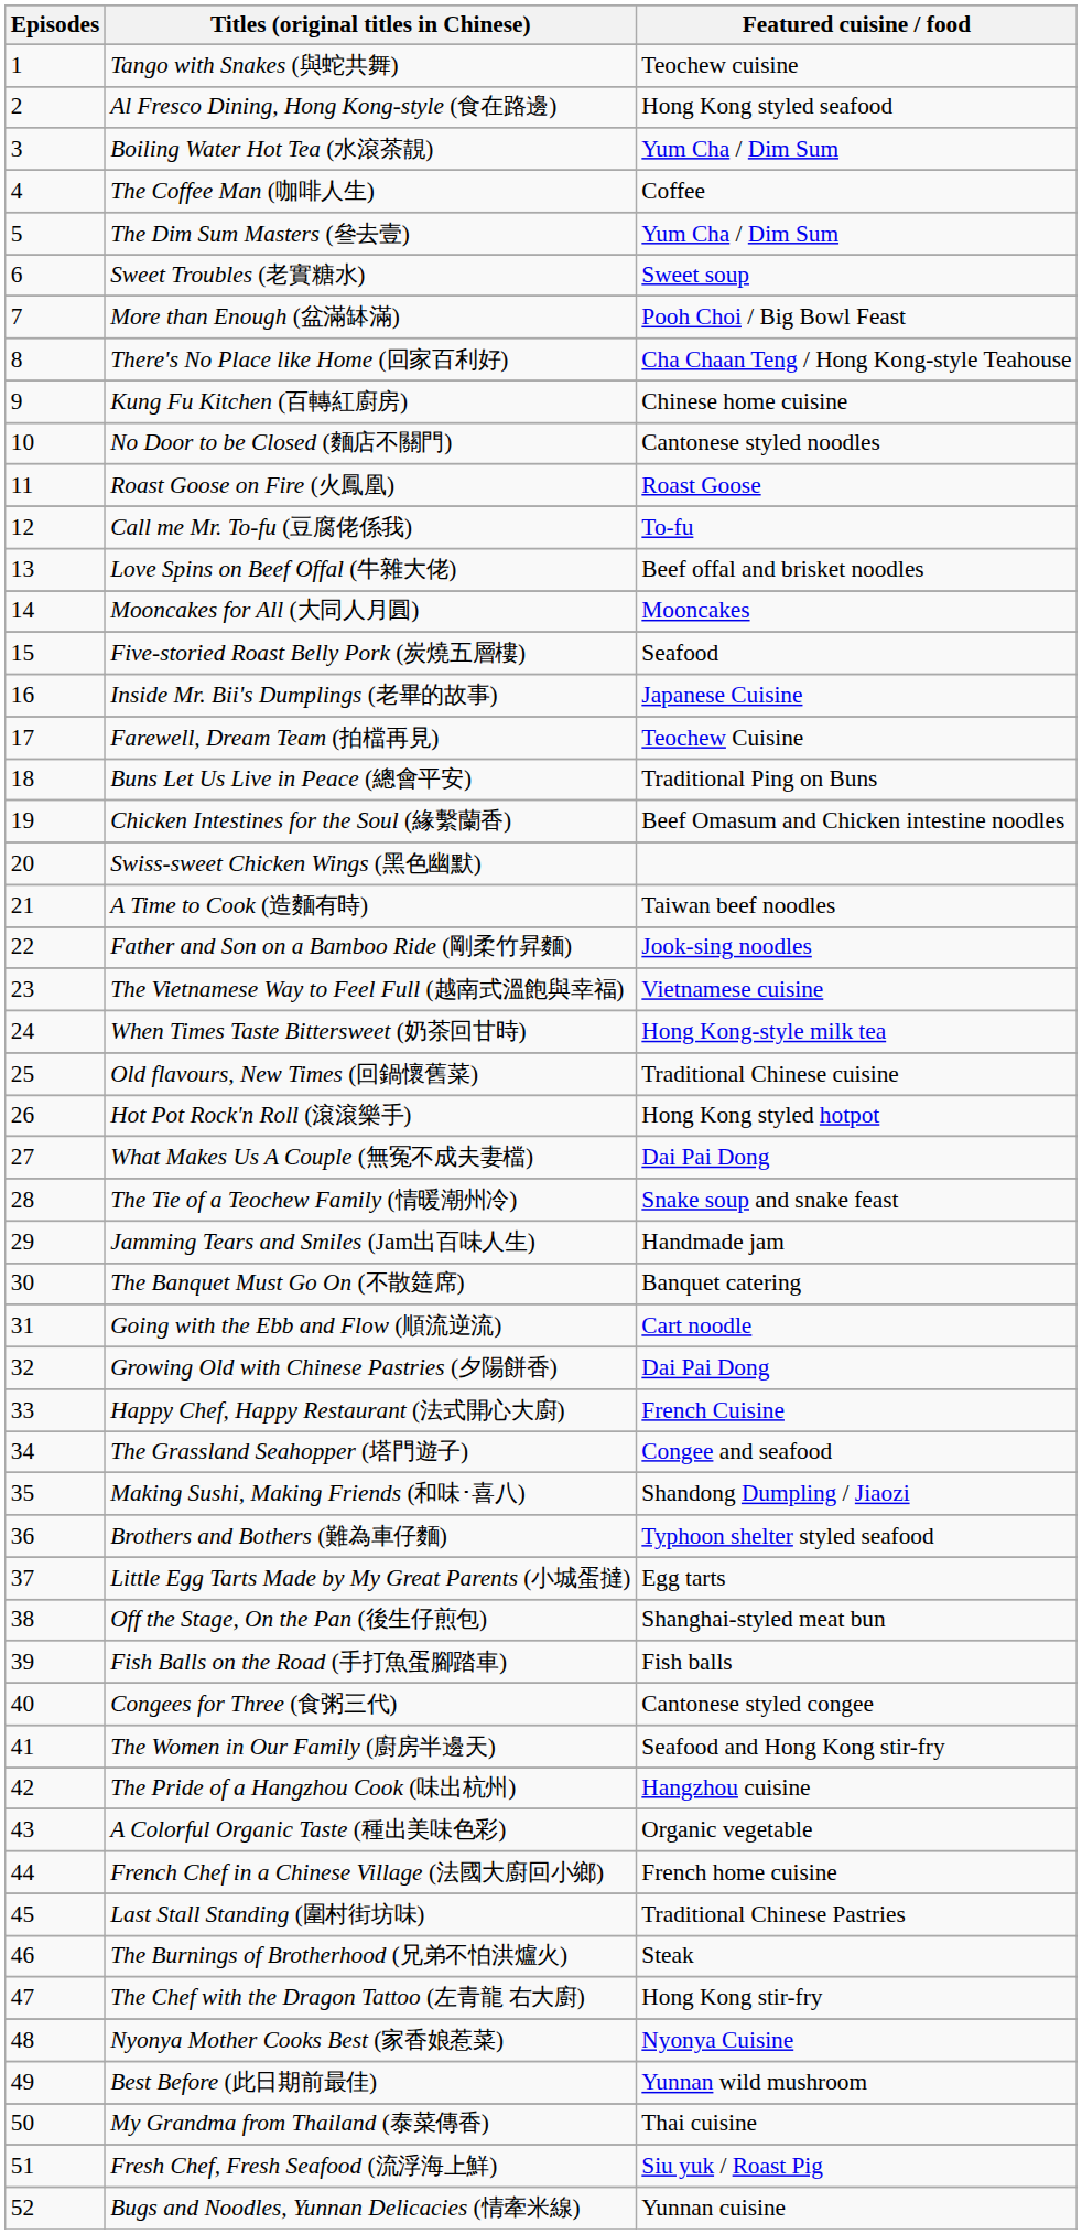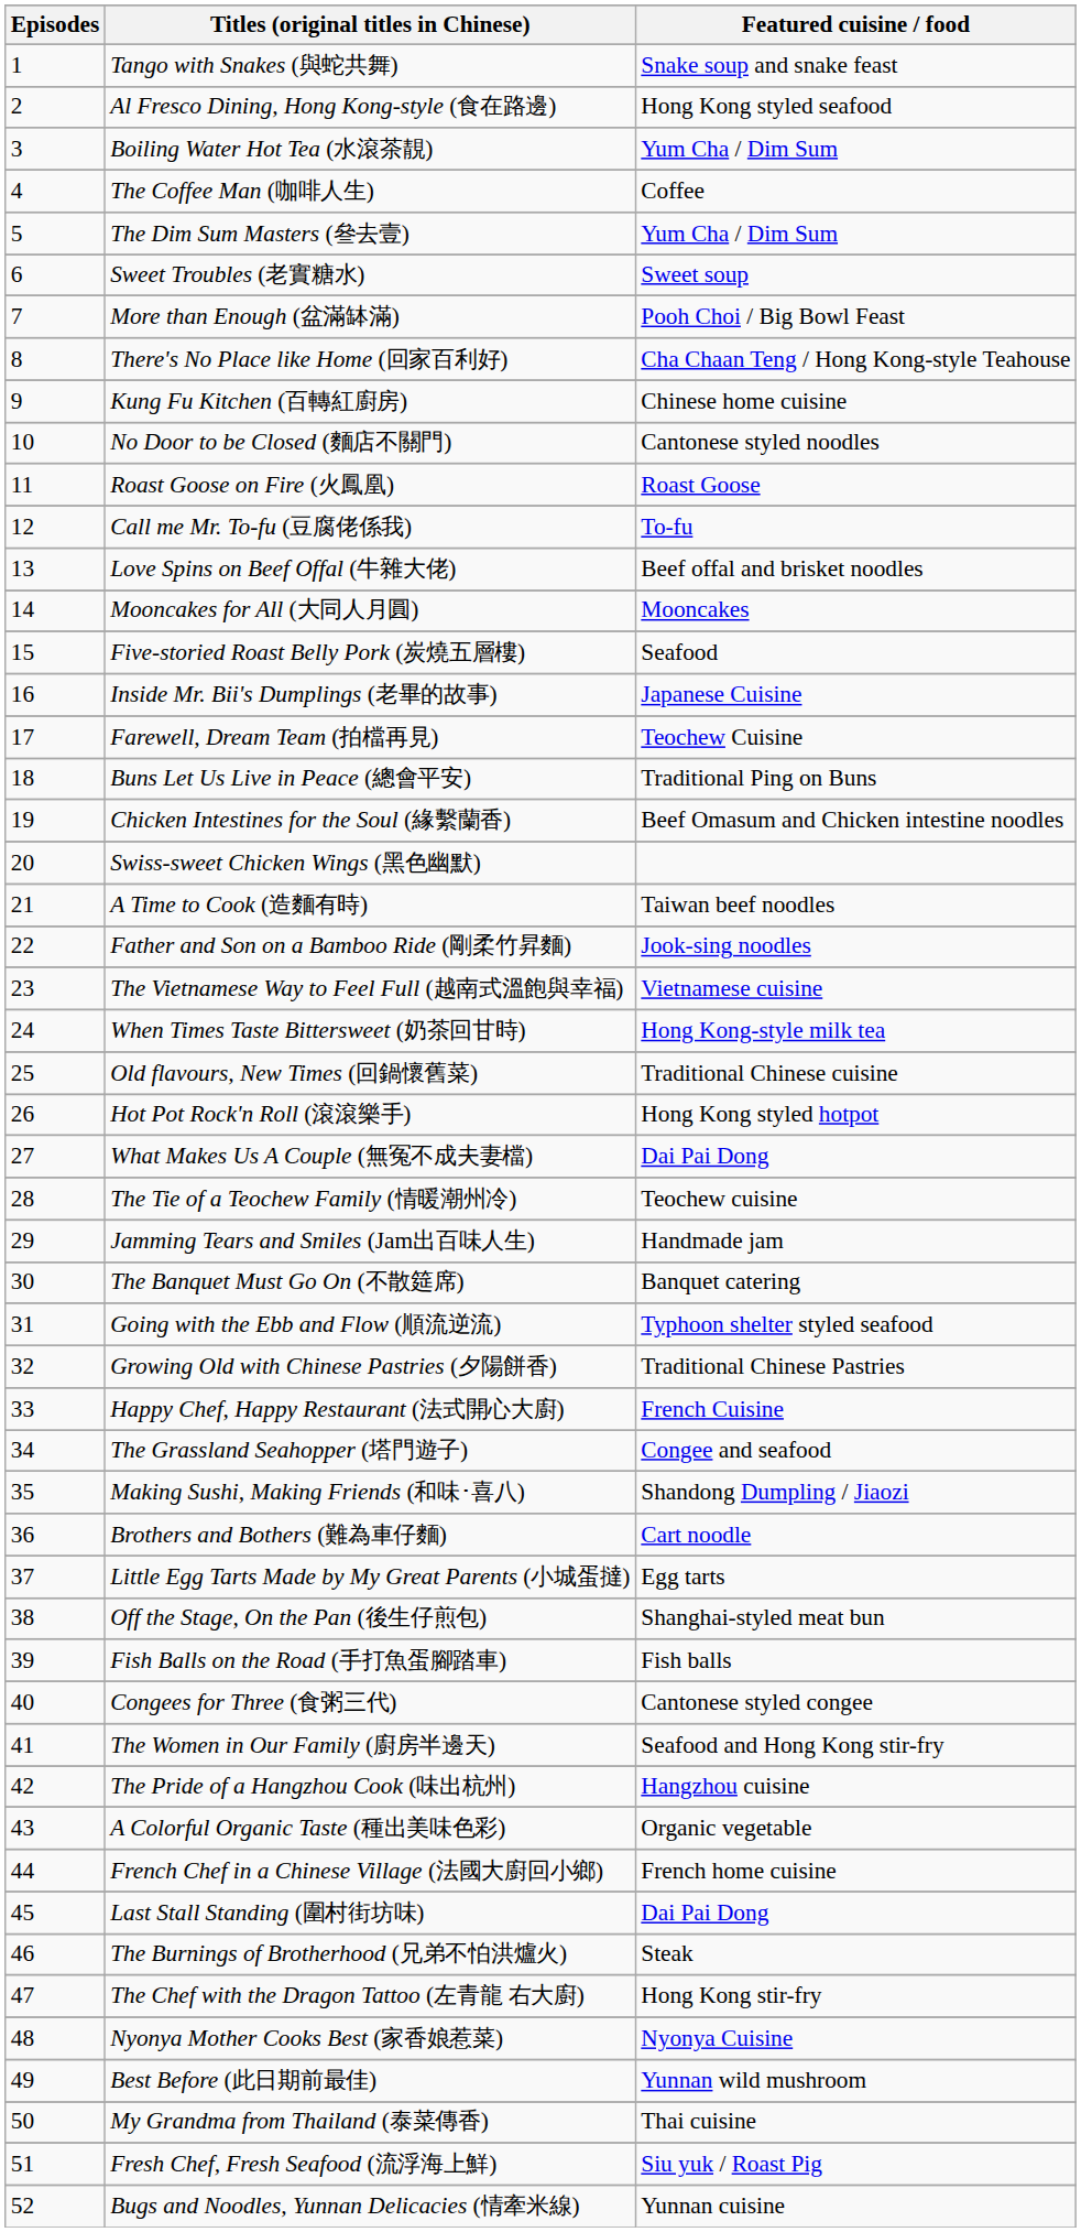 <table class="wikitable">
 <tr>
 </tr>
 <tr style="font-size: 90%;">
 <th>Episodes</th>
 <th>Titles (original titles in Chinese)</th>
 <th>Featured cuisine / food</th>
 </tr>
 <tr>
 </tr>
 <tr style="font-size: 90%;">
 <td>1</td>
 <td><em>Tango with Snakes</em> (與蛇共舞)</td>
-<td>Teochew cuisine</td>
+<td><a href='#'>Snake soup</a> and snake feast</td>
 </tr>
 <tr>
 </tr>
 <tr style="font-size: 90%;">
 <td>2</td>
 <td><em>Al Fresco Dining, Hong Kong-style</em> (食在路邊)</td>
 <td>Hong Kong styled seafood</td>
 </tr>
 <tr>
 </tr>
 <tr style="font-size: 90%;">
 <td>3</td>
 <td><em>Boiling Water Hot Tea</em> (水滾茶靚)</td>
 <td><a href='#'>Yum Cha</a> / <a href='#'>Dim Sum</a></td>
 </tr>
 <tr>
 </tr>
 <tr style="font-size: 90%;">
 <td>4</td>
 <td><em>The Coffee Man</em> (咖啡人生)</td>
 <td>Coffee</td>
 </tr>
 <tr>
 </tr>
 <tr style="font-size: 90%;">
 <td>5</td>
 <td><em>The Dim Sum Masters</em> (叄去壹)</td>
 <td><a href='#'>Yum Cha</a> / <a href='#'>Dim Sum</a></td>
 </tr>
 <tr>
 </tr>
 <tr style="font-size: 90%;">
 <td>6</td>
 <td><em>Sweet Troubles</em> (老實糖水)</td>
 <td><a href='#'>Sweet soup</a></td>
 </tr>
 <tr>
 </tr>
 <tr style="font-size: 90%;">
 <td>7</td>
 <td><em>More than Enough</em> (盆滿缽滿)</td>
 <td><a href='#'>Pooh Choi</a> / Big Bowl Feast</td>
 </tr>
 <tr>
 </tr>
 <tr style="font-size: 90%;">
 <td>8</td>
 <td><em>There's No Place like Home</em> (回家百利好)</td>
 <td><a href='#'>Cha Chaan Teng</a> / Hong Kong-style Teahouse</td>
 </tr>
 <tr>
 </tr>
 <tr style="font-size: 90%;">
 <td>9</td>
 <td><em>Kung Fu Kitchen</em> (百轉紅廚房)</td>
 <td>Chinese home cuisine</td>
 </tr>
 <tr>
 </tr>
 <tr style="font-size: 90%;">
 <td>10</td>
 <td><em>No Door to be Closed</em> (麵店不關門)</td>
 <td>Cantonese styled noodles</td>
 </tr>
 <tr>
 </tr>
 <tr style="font-size: 90%;">
 <td>11</td>
 <td><em>Roast Goose on Fire</em> (火鳳凰)</td>
 <td><a href='#'>Roast Goose</a></td>
 </tr>
 <tr>
 </tr>
 <tr style="font-size: 90%;">
 <td>12</td>
 <td><em>Call me Mr. To-fu</em> (豆腐佬係我)</td>
 <td><a href='#'>To-fu</a></td>
 </tr>
 <tr>
 </tr>
 <tr style="font-size: 90%;">
 <td>13</td>
 <td><em>Love Spins on Beef Offal</em> (牛雜大佬)</td>
 <td>Beef offal and brisket noodles</td>
 </tr>
 <tr>
 </tr>
 <tr style="font-size: 90%;">
 <td>14</td>
 <td><em>Mooncakes for All</em> (大同人月圓)</td>
 <td><a href='#'>Mooncakes</a></td>
 </tr>
 <tr>
 </tr>
 <tr style="font-size: 90%;">
 <td>15</td>
 <td><em>Five-storied Roast Belly Pork</em> (炭燒五層樓)</td>
 <td>Seafood</td>
 </tr>
 <tr>
 </tr>
 <tr style="font-size: 90%;">
 <td>16</td>
 <td><em>Inside Mr. Bii's Dumplings</em> (老畢的故事)</td>
 <td><a href='#'>Japanese Cuisine</a></td>
 </tr>
 <tr>
 </tr>
 <tr style="font-size: 90%;">
 <td>17</td>
 <td><em>Farewell, Dream Team</em> (拍檔再見)</td>
 <td><a href='#'>Teochew</a> Cuisine</td>
 </tr>
 <tr>
 </tr>
 <tr style="font-size: 90%;">
 <td>18</td>
 <td><em>Buns Let Us Live in Peace</em> (總會平安)</td>
 <td>Traditional Ping on Buns</td>
 </tr>
 <tr>
 </tr>
 <tr style="font-size: 90%;">
 <td>19</td>
 <td><em>Chicken Intestines for the Soul</em> (緣繫蘭香)</td>
 <td>Beef Omasum and Chicken intestine noodles</td>
 </tr>
 <tr>
 </tr>
 <tr style="font-size: 90%;">
 <td>20</td>
 <td><em>Swiss-sweet Chicken Wings</em> (黑色幽默)</td>
 <td></td>
 </tr>
 <tr>
 </tr>
 <tr style="font-size: 90%;">
 <td>21</td>
 <td><em>A Time to Cook</em> (造麵有時)</td>
 <td>Taiwan beef noodles</td>
 </tr>
 <tr>
 </tr>
 <tr style="font-size: 90%;">
 <td>22</td>
 <td><em>Father and Son on a Bamboo Ride</em> (剛柔竹昇麵)</td>
 <td><a href='#'>Jook-sing noodles</a></td>
 </tr>
 <tr>
 </tr>
 <tr style="font-size: 90%;">
 <td>23</td>
 <td><em>The Vietnamese Way to Feel Full</em> (越南式溫飽與幸福)</td>
 <td><a href='#'>Vietnamese cuisine</a></td>
 </tr>
 <tr>
 </tr>
 <tr style="font-size: 90%;">
 <td>24</td>
 <td><em>When Times Taste Bittersweet</em> (奶茶回甘時)</td>
 <td><a href='#'>Hong Kong-style milk tea</a></td>
 </tr>
 <tr>
 </tr>
 <tr style="font-size: 90%;">
 <td>25</td>
 <td><em>Old flavours, New Times</em> (回鍋懷舊菜)</td>
 <td>Traditional Chinese cuisine</td>
 </tr>
 <tr>
 </tr>
 <tr style="font-size: 90%;">
 <td>26</td>
 <td><em>Hot Pot Rock'n Roll</em> (滾滾樂手)</td>
 <td>Hong Kong styled <a href='#'>hotpot</a></td>
 </tr>
 <tr>
 </tr>
 <tr style="font-size: 90%;">
 <td>27</td>
 <td><em>What Makes Us A Couple</em> (無冤不成夫妻檔)</td>
 <td><a href='#'>Dai Pai Dong</a></td>
 </tr>
 <tr>
 </tr>
 <tr style="font-size: 90%;">
 <td>28</td>
 <td><em>The Tie of a Teochew Family</em> (情暖潮州冷)</td>
-<td><a href='#'>Snake soup</a> and snake feast</td>
+<td>Teochew cuisine</td>
 </tr>
 <tr>
 </tr>
 <tr style="font-size: 90%;">
 <td>29</td>
 <td><em>Jamming Tears and Smiles</em> (Jam出百味人生)</td>
 <td>Handmade jam</td>
 </tr>
 <tr>
 </tr>
 <tr style="font-size: 90%;">
 <td>30</td>
 <td><em>The Banquet Must Go On</em> (不散筵席)</td>
 <td>Banquet catering</td>
 </tr>
 <tr>
 </tr>
 <tr style="font-size: 90%;">
 <td>31</td>
 <td><em>Going with the Ebb and Flow</em> (順流逆流)</td>
-<td><a href='#'>Cart noodle</a></td>
+<td><a href='#'>Typhoon shelter</a> styled seafood</td>
 </tr>
 <tr>
 </tr>
 <tr style="font-size: 90%;">
 <td>32</td>
 <td><em>Growing Old with Chinese Pastries</em> (夕陽餅香)</td>
-<td><a href='#'>Dai Pai Dong</a></td>
+<td>Traditional Chinese Pastries</td>
 </tr>
 <tr>
 </tr>
 <tr style="font-size: 90%;">
 <td>33</td>
 <td><em>Happy Chef, Happy Restaurant</em> (法式開心大廚)</td>
 <td><a href='#'>French Cuisine</a></td>
 </tr>
 <tr>
 </tr>
 <tr style="font-size: 90%;">
 <td>34</td>
 <td><em>The Grassland Seahopper</em> (塔門遊子)</td>
 <td><a href='#'>Congee</a> and seafood</td>
 </tr>
 <tr>
 </tr>
 <tr style="font-size: 90%;">
 <td>35</td>
 <td><em>Making Sushi, Making Friends</em> (和味･喜八)</td>
 <td>Shandong <a href='#'>Dumpling</a> / <a href='#'>Jiaozi</a></td>
 </tr>
 <tr>
 </tr>
 <tr style="font-size: 90%;">
 <td>36</td>
 <td><em>Brothers and Bothers</em> (難為車仔麵)</td>
-<td><a href='#'>Typhoon shelter</a> styled seafood</td>
+<td><a href='#'>Cart noodle</a></td>
 </tr>
 <tr>
 </tr>
 <tr style="font-size: 90%;">
 <td>37</td>
 <td><em>Little Egg Tarts Made by My Great Parents</em> (小城蛋撻)</td>
 <td>Egg tarts</td>
 </tr>
 <tr>
 </tr>
 <tr style="font-size: 90%;">
 <td>38</td>
 <td><em>Off the Stage, On the Pan</em> (後生仔煎包)</td>
 <td>Shanghai-styled meat bun</td>
 </tr>
 <tr>
 </tr>
 <tr style="font-size: 90%;">
 <td>39</td>
 <td><em>Fish Balls on the Road</em> (手打魚蛋腳踏車)</td>
 <td>Fish balls</td>
 </tr>
 <tr>
 </tr>
 <tr style="font-size: 90%;">
 <td>40</td>
 <td><em>Congees for Three</em> (食粥三代)</td>
 <td>Cantonese styled congee　</td>
 </tr>
 <tr>
 </tr>
 <tr style="font-size: 90%;">
 <td>41</td>
 <td><em>The Women in Our Family</em> (廚房半邊天)</td>
 <td>Seafood and Hong Kong stir-fry</td>
 </tr>
 <tr>
 </tr>
 <tr style="font-size: 90%;">
 <td>42</td>
 <td><em>The Pride of a Hangzhou Cook</em> (味出杭州)</td>
 <td><a href='#'>Hangzhou</a> cuisine</td>
 </tr>
 <tr>
 </tr>
 <tr style="font-size: 90%;">
 <td>43</td>
 <td><em>A Colorful Organic Taste</em> (種出美味色彩)</td>
 <td>Organic vegetable</td>
 </tr>
 <tr>
 </tr>
 <tr style="font-size: 90%;">
 <td>44</td>
 <td><em>French Chef in a Chinese Village</em> (法國大廚回小鄉)</td>
 <td>French home cuisine</td>
 </tr>
 <tr>
 </tr>
 <tr style="font-size: 90%;">
 <td>45</td>
 <td><em>Last Stall Standing</em> (圍村街坊味)</td>
-<td>Traditional Chinese Pastries</td>
+<td><a href='#'>Dai Pai Dong</a></td>
 </tr>
 <tr>
 </tr>
 <tr style="font-size: 90%;">
 <td>46</td>
 <td><em>The Burnings of Brotherhood</em> (兄弟不怕洪爐火)</td>
 <td>Steak</td>
 </tr>
 <tr>
 </tr>
 <tr style="font-size: 90%;">
 <td>47</td>
 <td><em>The Chef with the Dragon Tattoo</em> (左青龍 右大廚)</td>
 <td>Hong Kong stir-fry</td>
 </tr>
 <tr>
 </tr>
 <tr style="font-size: 90%;">
 <td>48</td>
 <td><em>Nyonya Mother Cooks Best</em> (家香娘惹菜)</td>
 <td><a href='#'>Nyonya Cuisine</a></td>
 </tr>
 <tr>
 </tr>
 <tr style="font-size: 90%;">
 <td>49</td>
 <td><em>Best Before</em> (此日期前最佳)</td>
 <td><a href='#'>Yunnan</a> wild mushroom</td>
 </tr>
 <tr>
 </tr>
 <tr style="font-size: 90%;">
 <td>50</td>
 <td><em>My Grandma from Thailand</em> (泰菜傳香)</td>
 <td>Thai cuisine</td>
 </tr>
 <tr>
 </tr>
 <tr style="font-size: 90%;">
 <td>51</td>
 <td><em>Fresh Chef, Fresh Seafood</em> (流浮海上鮮)</td>
 <td><a href='#'>Siu yuk</a> / <a href='#'>Roast Pig</a></td>
 </tr>
 <tr>
 </tr>
 <tr style="font-size: 90%;">
 <td>52</td>
 <td><em>Bugs and Noodles, Yunnan Delicacies</em> (情牽米線)</td>
 <td>Yunnan cuisine</td>
 </tr>
 </table>
